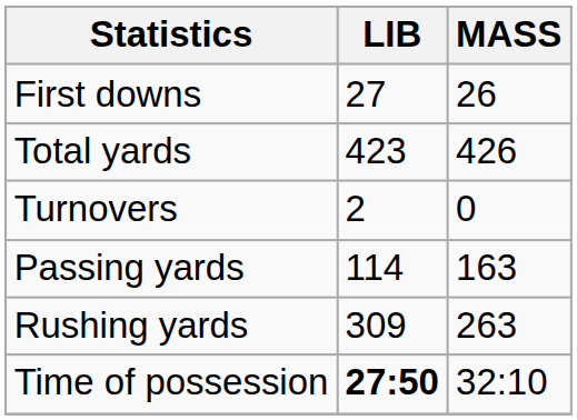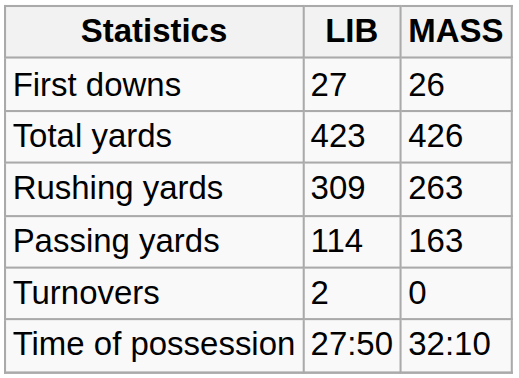 <table class="wikitable" style="float: left;">
 <tr>
 <th>Statistics</th>
 <th>LIB</th>
 <th>MASS</th>
 </tr>
 <tr>
 <td>First downs</td>
 <td>27</td>
 <td>26</td>
 </tr>
 <tr>
 <td>Total yards</td>
 <td>423</td>
 <td>426</td>
 </tr>
 <tr>
-<td>Turnovers</td>
-<td>2</td>
-<td>0</td>
+<td>Rushing yards</td>
+<td>309</td>
+<td>263</td>
 </tr>
 <tr>
 <td>Passing yards</td>
 <td>114</td>
 <td>163</td>
 </tr>
 <tr>
-<td>Rushing yards</td>
-<td>309</td>
-<td>263</td>
+<td>Turnovers</td>
+<td>2</td>
+<td>0</td>
 </tr>
 <tr>
 <td>Time of possession</td>
-<td><strong>27:50</strong></td>
+<td>27:50</td>
 <td>32:10</td>
 </tr>
 <tr>
 </tr>
 </table>
